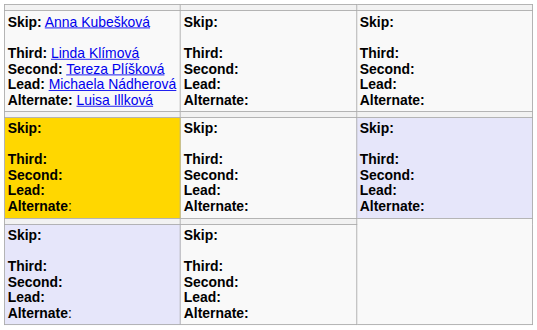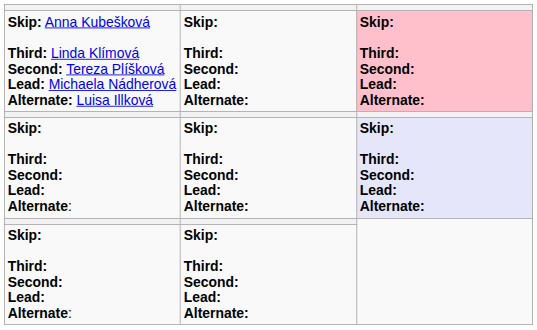 <table class="wikitable">
 <tr>
 <th bgcolor="#efefef" width="200"></th>
 <th bgcolor="#efefef" width="200"></th>
 <th bgcolor="#efefef" width="200"></th>
 </tr>
 <tr align=center>
 <td align=left><strong>Skip:</strong> <a href='#'>Anna Kubešková</a> <br><br><strong>Third:</strong> <a href='#'>Linda Klímová</a>  <br> <strong>Second:</strong>  <a href='#'>Tereza Plíšková</a> <br> <strong>Lead:</strong> <a href='#'>Michaela Nádherová</a>  <br> <strong>Alternate:</strong> <a href='#'>Luisa Illková</a></td>
 <td align=left><strong>Skip:</strong>  <br><br><strong>Third:</strong> <br> <strong>Second:</strong> <br> <strong>Lead:</strong>  <br> <strong>Alternate:</strong></td>
-<td align=left><strong>Skip:</strong>  <br><br><strong>Third:</strong>  <br> <strong>Second:</strong>  <br> <strong>Lead:</strong>  <br> <strong>Alternate:</strong></td>
+<td align=left style="background: pink;"><strong>Skip:</strong>  <br><br><strong>Third:</strong>  <br> <strong>Second:</strong>  <br> <strong>Lead:</strong>  <br> <strong>Alternate:</strong></td>
 </tr>
 <tr>
 <th bgcolor="#efefef" width="200"></th>
 <th bgcolor="#efefef" width="200"></th>
 <th bgcolor="#efefef" width="200"></th>
 </tr>
 <tr align=center>
-<td align=left style="background: gold;"><strong>Skip:</strong>  <br><br><strong>Third:</strong>  <br> <strong>Second:</strong>  <br> <strong>Lead:</strong>  <br> <strong>Alternate</strong>:</td>
+<td align=left><strong>Skip:</strong>  <br><br><strong>Third:</strong>  <br> <strong>Second:</strong>  <br> <strong>Lead:</strong>  <br> <strong>Alternate</strong>:</td>
 <td align=left><strong>Skip:</strong>  <br><br><strong>Third:</strong> <br> <strong>Second:</strong> <br> <strong>Lead:</strong>  <br> <strong>Alternate:</strong></td>
 <td align=left style="background: lavender;"><strong>Skip:</strong>  <br><br><strong>Third:</strong>  <br> <strong>Second:</strong>  <br> <strong>Lead:</strong>  <br> <strong>Alternate:</strong></td>
 </tr>
 <tr>
 <th bgcolor="#efefef" width="200"></th>
 <th bgcolor="#efefef" width="200"></th>
 </tr>
 <tr align=center>
-<td align=left style="background: lavender;"><strong>Skip:</strong>  <br><br><strong>Third:</strong>  <br> <strong>Second:</strong>  <br> <strong>Lead:</strong>  <br> <strong>Alternate</strong>:</td>
+<td align=left><strong>Skip:</strong>  <br><br><strong>Third:</strong>  <br> <strong>Second:</strong>  <br> <strong>Lead:</strong>  <br> <strong>Alternate</strong>:</td>
 <td align=left><strong>Skip:</strong>  <br><br><strong>Third:</strong> <br> <strong>Second:</strong> <br> <strong>Lead:</strong>  <br> <strong>Alternate:</strong></td>
 </tr>
 </table>
